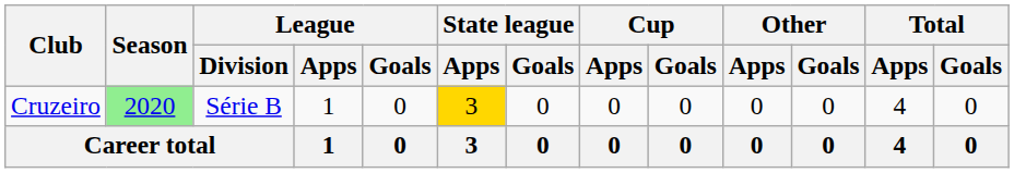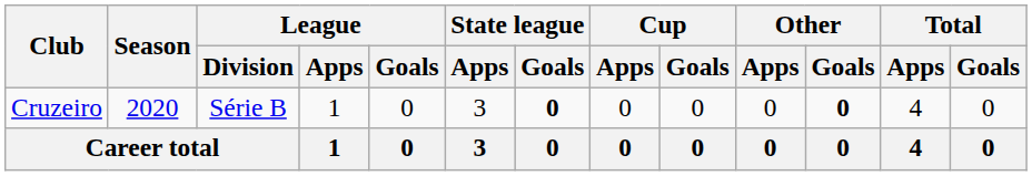 <table class="wikitable" style="text-align: center">
 <tr>
 <th rowspan="2">Club</th>
 <th rowspan="2">Season</th>
 <th colspan="3">League</th>
 <th colspan="2">State league</th>
 <th colspan="2">Cup</th>
 <th colspan="2">Other</th>
 <th colspan="2">Total</th>
 </tr>
 <tr>
 <th>Division</th>
 <th>Apps</th>
 <th>Goals</th>
 <th>Apps</th>
 <th>Goals</th>
 <th>Apps</th>
 <th>Goals</th>
 <th>Apps</th>
 <th>Goals</th>
 <th>Apps</th>
 <th>Goals</th>
 </tr>
 <tr>
 <td><a href='#'>Cruzeiro</a></td>
-<td style="background: lightgreen;"><a href='#'>2020</a></td>
+<td><a href='#'>2020</a></td>
 <td><a href='#'>Série B</a></td>
 <td>1</td>
 <td>0</td>
-<td style="background: gold;">3</td>
+<td>3</td>
+<td><strong>0</strong></td>
 <td>0</td>
 <td>0</td>
 <td>0</td>
-<td>0</td>
-<td>0</td>
+<td><strong>0</strong></td>
 <td>4</td>
 <td>0</td>
 </tr>
 <tr>
 <th colspan="3"><strong>Career total</strong></th>
 <th>1</th>
 <th>0</th>
 <th>3</th>
 <th>0</th>
 <th>0</th>
 <th>0</th>
 <th>0</th>
 <th>0</th>
 <th>4</th>
 <th>0</th>
 </tr>
 </table>
